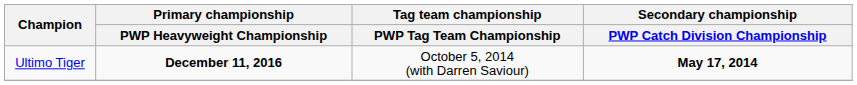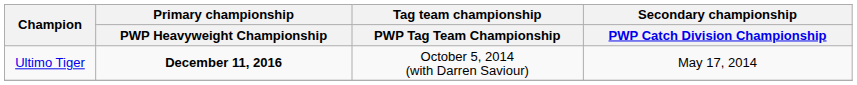 <table class="wikitable" style="font-size:85%; text-align:center; width:100%;">
 <tr>
 <th rowspan=2>Champion</th>
 <th>Primary championship</th>
 <th>Tag team championship</th>
 <th>Secondary championship</th>
 </tr>
 <tr>
 <th>PWP Heavyweight Championship</th>
 <th>PWP Tag Team Championship</th>
 <th><a href='#'>PWP Catch Division Championship</a></th>
 </tr>
 <tr>
 <td><a href='#'>Ultimo Tiger</a></td>
 <td><strong>December 11, 2016</strong></td>
 <td>October 5, 2014<br>(with Darren Saviour)</td>
-<td><strong>May 17, 2014</strong></td>
+<td>May 17, 2014</td>
 </tr>
 <tr>
 </tr>
 </table>
